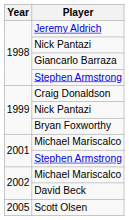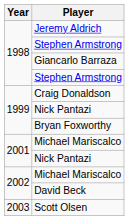 <table class= wikitable>
 <tr>
 <th width=px>Year</th>
 <th width=px>Player</th>
 </tr>
 <tr>
 <td rowspan=4>1998</td>
 <td><a href='#'>Jeremy Aldrich</a></td>
 </tr>
 <tr>
-<td>Nick Pantazi</td>
+<td><a href='#'>Stephen Armstrong</a></td>
 </tr>
 <tr>
 <td>Giancarlo Barraza</td>
 </tr>
 <tr>
 <td><a href='#'>Stephen Armstrong</a></td>
 </tr>
 <tr>
 <td rowspan=3>1999</td>
 <td>Craig Donaldson</td>
 </tr>
 <tr>
 <td>Nick Pantazi</td>
 </tr>
 <tr>
 <td>Bryan Foxworthy</td>
 </tr>
 <tr>
 <td rowspan=2>2001</td>
 <td>Michael Mariscalco</td>
 </tr>
 <tr>
-<td><a href='#'>Stephen Armstrong</a></td>
+<td>Nick Pantazi</td>
 </tr>
 <tr>
 <td rowspan=2>2002</td>
 <td>Michael Mariscalco</td>
 </tr>
 <tr>
 <td>David Beck</td>
 </tr>
 <tr>
-<td>2005</td>
+<td>2003</td>
 <td>Scott Olsen</td>
 </tr>
 </table>
